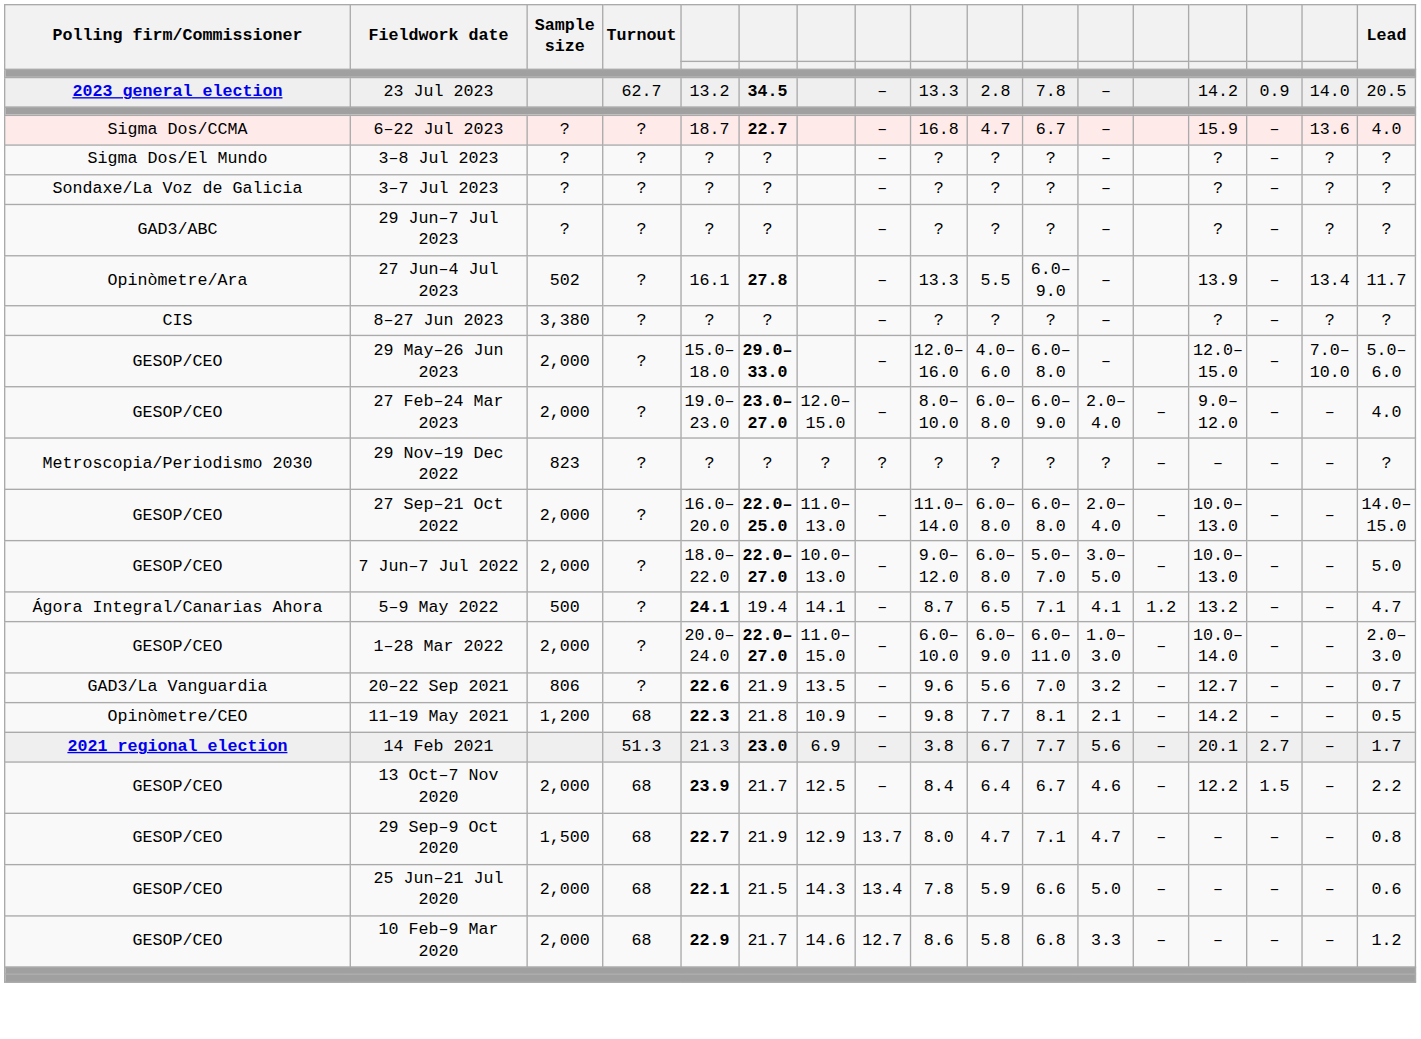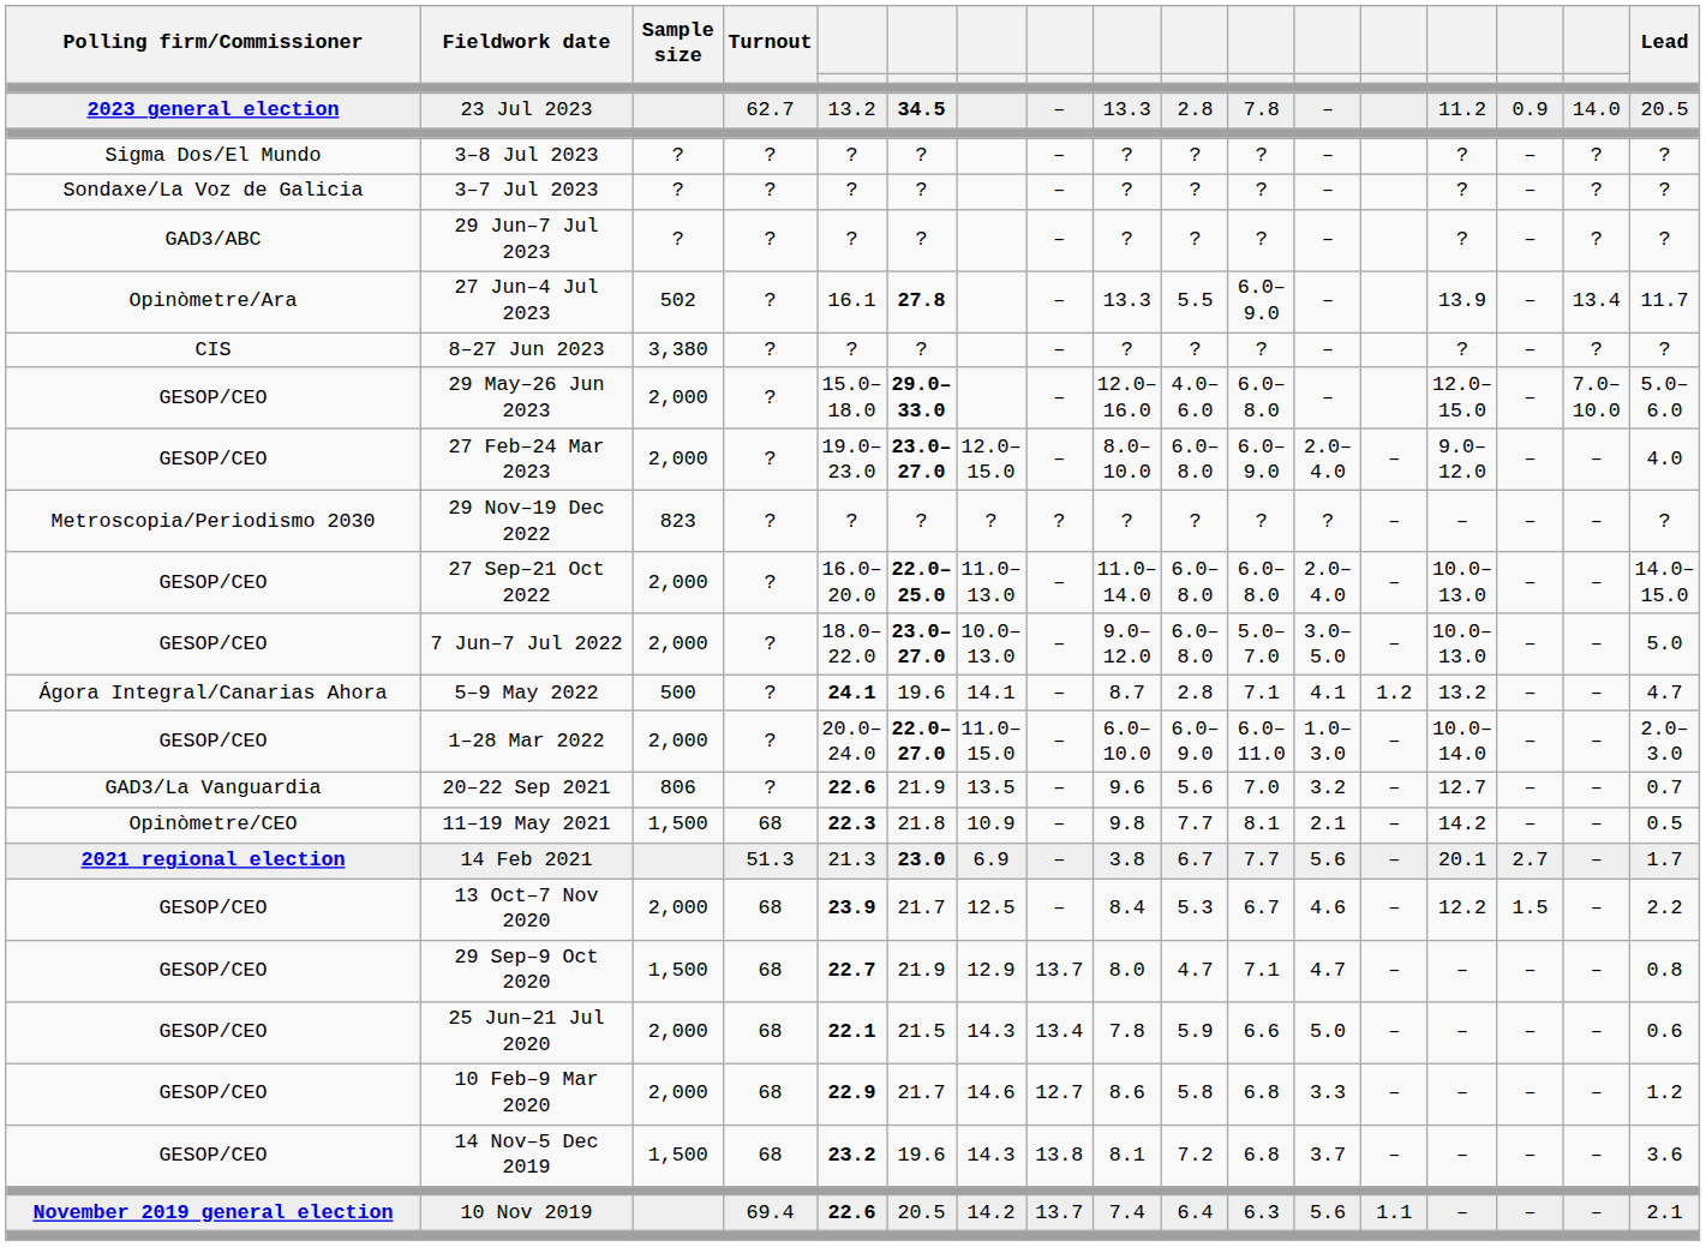 <table class="wikitable collapsible collapsed" style="text-align:center; font-size:95%; line-height:16px;">
 <tr style="height:42px;">
 <th style="width:250px;" rowspan="2">Polling firm/Commissioner</th>
 <th style="width:125px;" rowspan="2">Fieldwork date</th>
 <th style="width:50px;" rowspan="2">Sample size</th>
 <th style="width:45px;" rowspan="2">Turnout</th>
 <th style="width:35px;"></th>
 <th style="width:35px;"></th>
 <th style="width:35px;"></th>
 <th style="width:35px;"></th>
 <th style="width:35px;"></th>
 <th style="width:35px;"></th>
 <th style="width:35px;"></th>
 <th style="width:35px;"></th>
 <th style="width:35px;"></th>
 <th style="width:35px;"></th>
 <th style="width:35px;"></th>
 <th style="width:35px;"></th>
 <th style="width:30px;" rowspan="2">Lead</th>
 </tr>
 <tr>
 <th style="color:inherit;background:"></th>
 <th style="color:inherit;background:"></th>
 <th style="color:inherit;background:"></th>
 <th style="color:inherit;background:"></th>
 <th style="color:inherit;background:"></th>
 <th style="color:inherit;background:"></th>
 <th style="color:inherit;background:"></th>
 <th style="color:inherit;background:"></th>
 <th style="color:inherit;background:"></th>
 <th style="color:inherit;background:"></th>
 <th style="color:inherit;background:"></th>
 <th style="color:inherit;background:"></th>
 </tr>
 <tr>
 <td colspan="17" style="background:#A0A0A0"></td>
 </tr>
 <tr style="background:#EFEFEF;">
 <td><strong><a href='#'>2023 general election</a></strong></td>
 <td>23 Jul 2023</td>
 <td></td>
 <td>62.7</td>
 <td>13.2<br></td>
 <td><strong>34.5</strong><br></td>
 <td></td>
 <td>–</td>
 <td>13.3<br></td>
 <td>2.8<br></td>
 <td>7.8<br></td>
 <td>–</td>
 <td></td>
-<td>14.2<br></td>
+<td>11.2<br></td>
 <td>0.9<br></td>
 <td>14.0<br></td>
 <td style="background:">20.5</td>
 </tr>
 <tr>
 <td colspan="17" style="background:#A0A0A0"></td>
-</tr>
-<tr style="background:#FFEAEA;">
-<td>Sigma Dos/CCMA</td>
-<td>6–22 Jul 2023</td>
-<td>?</td>
-<td>?</td>
-<td>18.7<br></td>
-<td><strong>22.7</strong><br></td>
-<td></td>
-<td>–</td>
-<td>16.8<br></td>
-<td>4.7<br></td>
-<td>6.7<br></td>
-<td>–</td>
-<td></td>
-<td>15.9<br></td>
-<td>–</td>
-<td>13.6<br></td>
-<td style="background:">4.0</td>
 </tr>
 <tr>
 <td>Sigma Dos/El Mundo</td>
 <td>3–8 Jul 2023</td>
 <td>?</td>
 <td>?</td>
 <td>?<br></td>
 <td>?<br></td>
 <td></td>
 <td>–</td>
 <td>?<br></td>
 <td>?<br></td>
 <td>?<br></td>
 <td>–</td>
 <td></td>
 <td>?<br></td>
 <td>–</td>
 <td>?<br></td>
 <td style="background:">?</td>
 </tr>
 <tr>
 <td>Sondaxe/La Voz de Galicia</td>
 <td>3–7 Jul 2023</td>
 <td>?</td>
 <td>?</td>
 <td>?<br></td>
 <td>?<br></td>
 <td></td>
 <td>–</td>
 <td>?<br></td>
 <td>?<br></td>
 <td>?<br></td>
 <td>–</td>
 <td></td>
 <td>?<br></td>
 <td>–</td>
 <td>?<br></td>
 <td style="background:">?</td>
 </tr>
 <tr>
 <td>GAD3/ABC</td>
 <td>29 Jun–7 Jul 2023</td>
 <td>?</td>
 <td>?</td>
 <td>?<br></td>
 <td>?<br></td>
 <td></td>
 <td>–</td>
 <td>?<br></td>
 <td>?<br></td>
 <td>?<br></td>
 <td>–</td>
 <td></td>
 <td>?<br></td>
 <td>–</td>
 <td>?<br></td>
 <td style="background:">?</td>
 </tr>
 <tr>
 <td>Opinòmetre/Ara</td>
 <td>27 Jun–4 Jul 2023</td>
 <td>502</td>
 <td>?</td>
 <td>16.1<br></td>
 <td><strong>27.8</strong><br></td>
 <td></td>
 <td>–</td>
 <td>13.3<br></td>
 <td>5.5<br></td>
 <td>6.0–<br>9.0<br></td>
 <td>–</td>
 <td></td>
 <td>13.9<br></td>
 <td>–</td>
 <td>13.4<br></td>
 <td style="background:">11.7</td>
 </tr>
 <tr>
 <td>CIS</td>
 <td>8–27 Jun 2023</td>
 <td>3,380</td>
 <td>?</td>
 <td>?<br></td>
 <td>?<br></td>
 <td></td>
 <td>–</td>
 <td>?<br></td>
 <td>?<br></td>
 <td>?<br></td>
 <td>–</td>
 <td></td>
 <td>?<br></td>
 <td>–</td>
 <td>?<br></td>
 <td style="background:">?</td>
 </tr>
 <tr>
 <td>GESOP/CEO</td>
 <td>29 May–26 Jun 2023</td>
 <td>2,000</td>
 <td>?</td>
 <td>15.0–<br>18.0<br></td>
 <td><strong>29.0–<br>33.0</strong><br></td>
 <td></td>
 <td>–</td>
 <td>12.0–<br>16.0<br></td>
 <td>4.0–<br>6.0<br></td>
 <td>6.0–<br>8.0<br></td>
 <td>–</td>
 <td></td>
 <td>12.0–<br>15.0<br></td>
 <td>–</td>
 <td>7.0–<br>10.0<br></td>
 <td style="background:">5.0–<br>6.0</td>
 </tr>
 <tr>
 <td>GESOP/CEO</td>
 <td>27 Feb–24 Mar 2023</td>
 <td>2,000</td>
 <td>?</td>
 <td>19.0–<br>23.0<br></td>
 <td><strong>23.0–<br>27.0</strong><br></td>
 <td>12.0–<br>15.0<br></td>
 <td>–</td>
 <td>8.0–<br>10.0<br></td>
 <td>6.0–<br>8.0<br></td>
 <td>6.0–<br>9.0<br></td>
 <td>2.0–<br>4.0<br></td>
 <td>–</td>
 <td>9.0–<br>12.0<br></td>
 <td>–</td>
 <td>–</td>
 <td style="background:">4.0</td>
 </tr>
 <tr>
 <td>Metroscopia/Periodismo 2030</td>
 <td>29 Nov–19 Dec 2022</td>
 <td>823</td>
 <td>?</td>
 <td>?<br></td>
 <td>?<br></td>
 <td>?<br></td>
 <td>?<br></td>
 <td>?<br></td>
 <td>?<br></td>
 <td>?<br></td>
 <td>?<br></td>
 <td>–</td>
 <td>–</td>
 <td>–</td>
 <td>–</td>
 <td style="background:">?</td>
 </tr>
 <tr>
 <td>GESOP/CEO</td>
 <td>27 Sep–21 Oct 2022</td>
 <td>2,000</td>
 <td>?</td>
 <td>16.0–<br>20.0<br></td>
 <td><strong>22.0–<br>25.0</strong><br></td>
 <td>11.0–<br>13.0<br></td>
 <td>–</td>
 <td>11.0–<br>14.0<br></td>
 <td>6.0–<br>8.0<br></td>
 <td>6.0–<br>8.0<br></td>
 <td>2.0–<br>4.0<br></td>
 <td>–</td>
 <td>10.0–<br>13.0<br></td>
 <td>–</td>
 <td>–</td>
 <td style="background:">14.0–<br>15.0</td>
 </tr>
 <tr>
 <td>GESOP/CEO</td>
 <td>7 Jun–7 Jul 2022</td>
 <td>2,000</td>
 <td>?</td>
 <td>18.0–<br>22.0<br></td>
-<td><strong>22.0–<br>27.0</strong><br></td>
+<td><strong>23.0–<br>27.0</strong><br></td>
 <td>10.0–<br>13.0<br></td>
 <td>–</td>
 <td>9.0–<br>12.0<br></td>
 <td>6.0–<br>8.0<br></td>
 <td>5.0–<br>7.0<br></td>
 <td>3.0–<br>5.0<br></td>
 <td>–</td>
 <td>10.0–<br>13.0<br></td>
 <td>–</td>
 <td>–</td>
 <td style="background:">5.0</td>
 </tr>
 <tr>
 <td>Ágora Integral/Canarias Ahora</td>
 <td>5–9 May 2022</td>
 <td>500</td>
 <td>?</td>
 <td><strong>24.1</strong><br></td>
-<td>19.4<br></td>
+<td>19.6<br></td>
 <td>14.1<br></td>
 <td>–</td>
 <td>8.7<br></td>
-<td>6.5<br></td>
+<td>2.8<br></td>
 <td>7.1<br></td>
 <td>4.1<br></td>
 <td>1.2<br></td>
 <td>13.2<br></td>
 <td>–</td>
 <td>–</td>
 <td style="background:">4.7</td>
 </tr>
 <tr>
 <td>GESOP/CEO</td>
 <td>1–28 Mar 2022</td>
 <td>2,000</td>
 <td>?</td>
 <td>20.0–<br>24.0<br></td>
 <td><strong>22.0–<br>27.0</strong><br></td>
 <td>11.0–<br>15.0<br></td>
 <td>–</td>
 <td>6.0–<br>10.0<br></td>
 <td>6.0–<br>9.0<br></td>
 <td>6.0–<br>11.0<br></td>
 <td>1.0–<br>3.0<br></td>
 <td>–</td>
 <td>10.0–<br>14.0<br></td>
 <td>–</td>
 <td>–</td>
 <td style="background:">2.0–<br>3.0</td>
 </tr>
 <tr>
 <td>GAD3/La Vanguardia</td>
 <td>20–22 Sep 2021</td>
 <td>806</td>
 <td>?</td>
 <td><strong>22.6</strong><br></td>
 <td>21.9<br></td>
 <td>13.5<br></td>
 <td>–</td>
 <td>9.6<br></td>
 <td>5.6<br></td>
 <td>7.0<br></td>
 <td>3.2<br></td>
 <td>–</td>
 <td>12.7<br></td>
 <td>–</td>
 <td>–</td>
 <td style="background:">0.7</td>
 </tr>
 <tr>
 <td>Opinòmetre/CEO</td>
 <td>11–19 May 2021</td>
-<td>1,200</td>
+<td>1,500</td>
 <td>68</td>
 <td><strong>22.3</strong><br></td>
 <td>21.8<br></td>
 <td>10.9<br></td>
 <td>–</td>
 <td>9.8<br></td>
 <td>7.7<br></td>
 <td>8.1<br></td>
 <td>2.1<br></td>
 <td>–</td>
 <td>14.2<br></td>
 <td>–</td>
 <td>–</td>
 <td style="background:">0.5</td>
 </tr>
 <tr style="background:#EFEFEF;">
 <td><strong><a href='#'>2021 regional election</a></strong></td>
 <td>14 Feb 2021</td>
 <td></td>
 <td>51.3</td>
 <td>21.3<br></td>
 <td><strong>23.0</strong><br></td>
 <td>6.9<br></td>
 <td>–</td>
 <td>3.8<br></td>
 <td>6.7<br></td>
 <td>7.7<br></td>
 <td>5.6<br></td>
 <td>–</td>
 <td>20.1<br></td>
 <td>2.7<br></td>
 <td>–</td>
 <td style="background:">1.7</td>
 </tr>
 <tr>
 <td>GESOP/CEO</td>
 <td>13 Oct–7 Nov 2020</td>
 <td>2,000</td>
 <td>68</td>
 <td><strong>23.9</strong><br></td>
 <td>21.7<br></td>
 <td>12.5<br></td>
 <td>–</td>
 <td>8.4<br></td>
-<td>6.4<br></td>
+<td>5.3<br></td>
 <td>6.7<br></td>
 <td>4.6<br></td>
 <td>–</td>
 <td>12.2<br></td>
 <td>1.5<br></td>
 <td>–</td>
 <td style="background:">2.2</td>
 </tr>
 <tr>
 <td>GESOP/CEO</td>
 <td>29 Sep–9 Oct 2020</td>
 <td>1,500</td>
 <td>68</td>
 <td><strong>22.7</strong><br></td>
 <td>21.9<br></td>
 <td>12.9<br></td>
 <td>13.7<br></td>
 <td>8.0<br></td>
 <td>4.7<br></td>
 <td>7.1<br></td>
 <td>4.7<br></td>
 <td>–</td>
 <td>–</td>
 <td>–</td>
 <td>–</td>
 <td style="background:">0.8</td>
 </tr>
 <tr>
 <td>GESOP/CEO</td>
 <td>25 Jun–21 Jul 2020</td>
 <td>2,000</td>
 <td>68</td>
 <td><strong>22.1</strong><br></td>
 <td>21.5<br></td>
 <td>14.3<br></td>
 <td>13.4<br></td>
 <td>7.8<br></td>
 <td>5.9<br></td>
 <td>6.6<br></td>
 <td>5.0<br></td>
 <td>–</td>
 <td>–</td>
 <td>–</td>
 <td>–</td>
 <td style="background:">0.6</td>
 </tr>
 <tr>
 <td>GESOP/CEO</td>
 <td>10 Feb–9 Mar 2020</td>
 <td>2,000</td>
 <td>68</td>
 <td><strong>22.9</strong><br></td>
 <td>21.7<br></td>
 <td>14.6<br></td>
 <td>12.7<br></td>
 <td>8.6<br></td>
 <td>5.8<br></td>
 <td>6.8<br></td>
 <td>3.3<br></td>
 <td>–</td>
 <td>–</td>
 <td>–</td>
 <td>–</td>
 <td style="background:">1.2</td>
 </tr>
 <tr>
+<td>GESOP/CEO</td>
+<td>14 Nov–5 Dec 2019</td>
+<td>1,500</td>
+<td>68</td>
+<td><strong>23.2</strong><br></td>
+<td>19.6<br></td>
+<td>14.3<br></td>
+<td>13.8<br></td>
+<td>8.1<br></td>
+<td>7.2<br></td>
+<td>6.8<br></td>
+<td>3.7<br></td>
+<td>–</td>
+<td>–</td>
+<td>–</td>
+<td>–</td>
+<td style="background:">3.6</td>
+</tr>
+<tr>
 <td colspan="17" style="background:#A0A0A0"></td>
+</tr>
+<tr style="background:#EFEFEF;">
+<td><strong><a href='#'>November 2019 general election</a></strong></td>
+<td>10 Nov 2019</td>
+<td></td>
+<td>69.4</td>
+<td><strong>22.6</strong><br></td>
+<td>20.5<br></td>
+<td>14.2<br></td>
+<td>13.7<br></td>
+<td>7.4<br></td>
+<td>6.4<br></td>
+<td>6.3<br></td>
+<td>5.6<br></td>
+<td>1.1<br></td>
+<td>–</td>
+<td>–</td>
+<td>–</td>
+<td style="background:">2.1</td>
 </tr>
 <tr>
 <td colspan="17" style="background:#A0A0A0"></td>
 </tr>
 </table>
